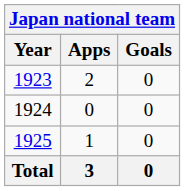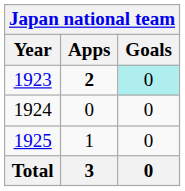 <table class="wikitable" style="text-align:center">
 <tr>
 <th colspan=3><a href='#'>Japan national team</a></th>
 </tr>
 <tr>
 <th>Year</th>
 <th>Apps</th>
 <th>Goals</th>
 </tr>
 <tr>
 <td><a href='#'>1923</a></td>
-<td>2</td>
-<td>0</td>
+<td><strong>2</strong></td>
+<td style="background: paleturquoise;">0</td>
 </tr>
 <tr>
 <td>1924</td>
 <td>0</td>
 <td>0</td>
 </tr>
 <tr>
 <td><a href='#'>1925</a></td>
 <td>1</td>
 <td>0</td>
 </tr>
 <tr>
 <th>Total</th>
 <th>3</th>
 <th>0</th>
 </tr>
 </table>
